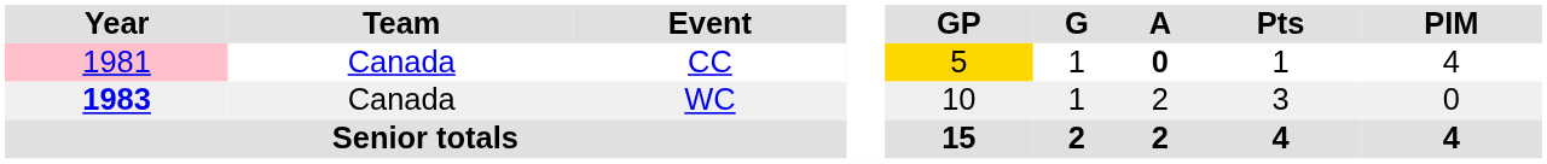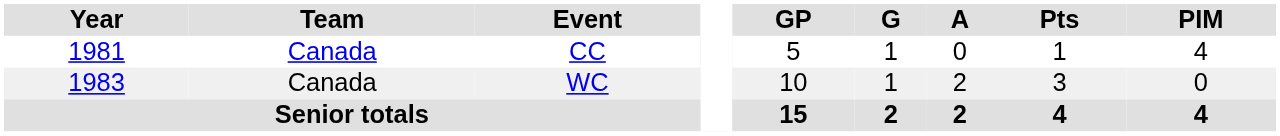 <table border="0" cellpadding="1" cellspacing="0" style="text-align:center; width:50em">
 <tr ALIGN="center" bgcolor="#e0e0e0">
 <th>Year</th>
 <th>Team</th>
 <th>Event</th>
 <th rowspan="99" bgcolor="#ffffff"> </th>
 <th>GP</th>
 <th>G</th>
 <th>A</th>
 <th>Pts</th>
 <th>PIM</th>
 </tr>
 <tr>
-<td style="background: pink;"><a href='#'>1981</a></td>
+<td><a href='#'>1981</a></td>
 <td><a href='#'>Canada</a></td>
 <td><a href='#'>CC</a></td>
-<td style="background: gold;">5</td>
+<td>5</td>
 <td>1</td>
-<td><strong>0</strong></td>
+<td>0</td>
 <td>1</td>
 <td>4</td>
 </tr>
 <tr bgcolor="#f0f0f0">
-<td><strong><a href='#'>1983</a></strong></td>
+<td><a href='#'>1983</a></td>
 <td>Canada</td>
 <td><a href='#'>WC</a></td>
 <td>10</td>
 <td>1</td>
 <td>2</td>
 <td>3</td>
 <td>0</td>
 </tr>
 <tr bgcolor="#e0e0e0">
 <th colspan="3">Senior totals</th>
 <th>15</th>
 <th>2</th>
 <th>2</th>
 <th>4</th>
 <th>4</th>
 </tr>
 </table>
